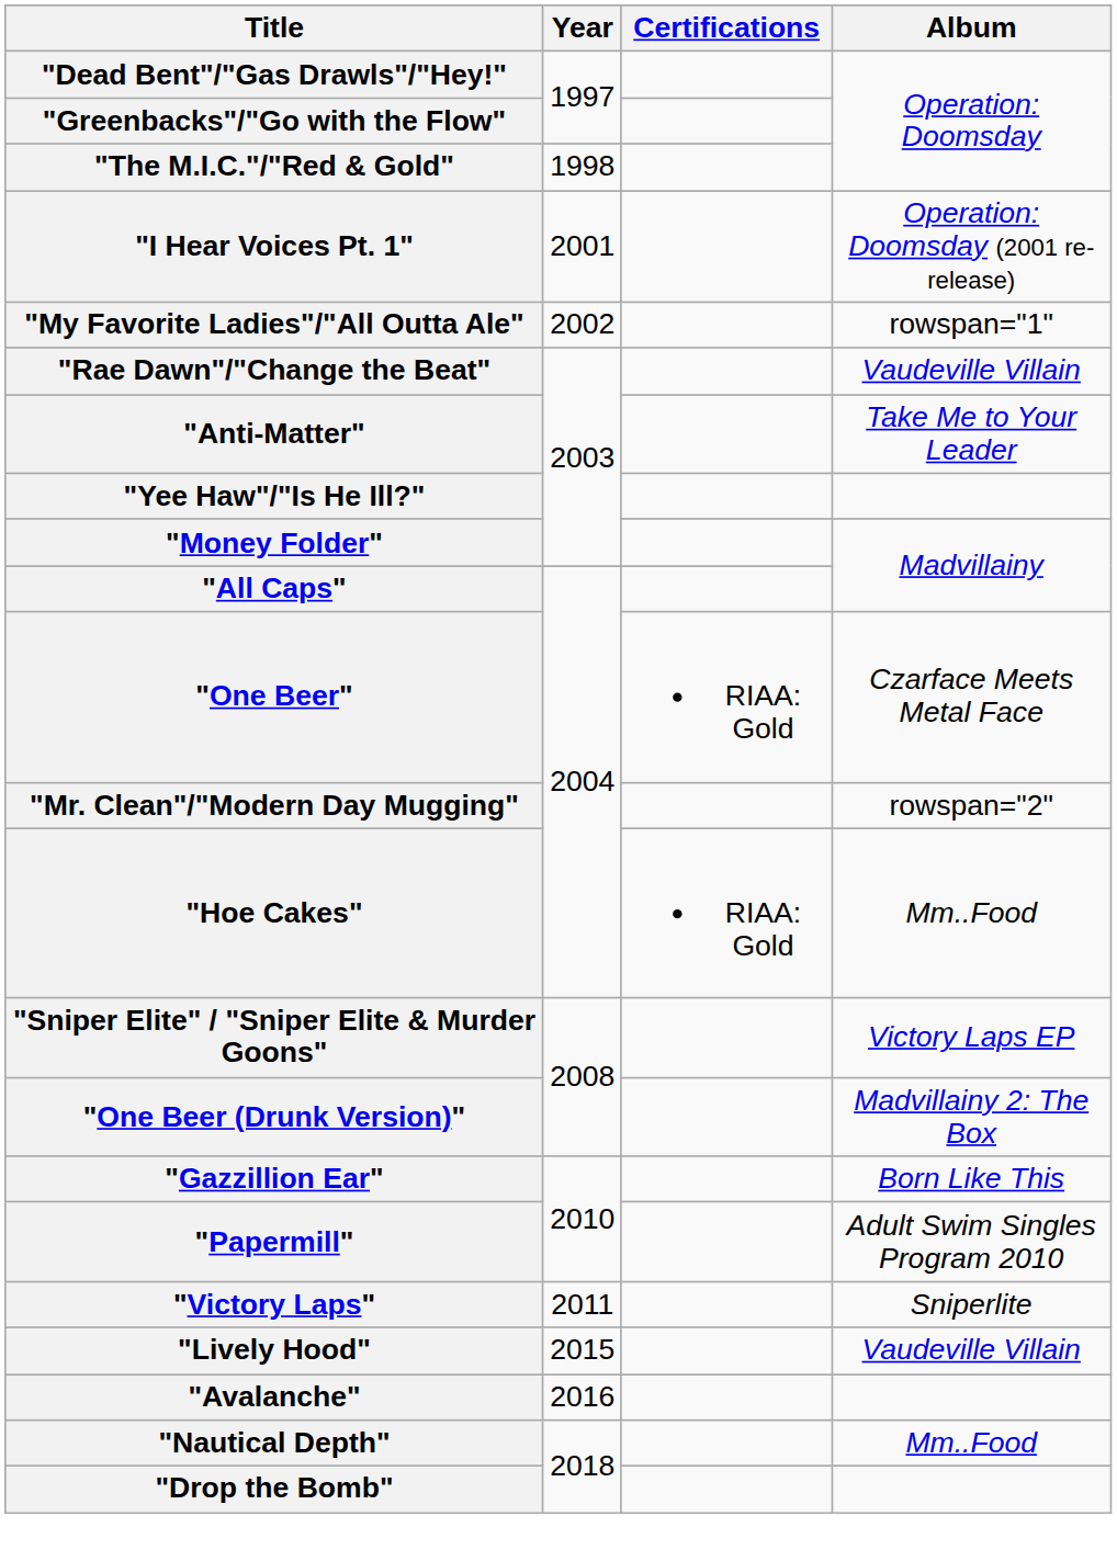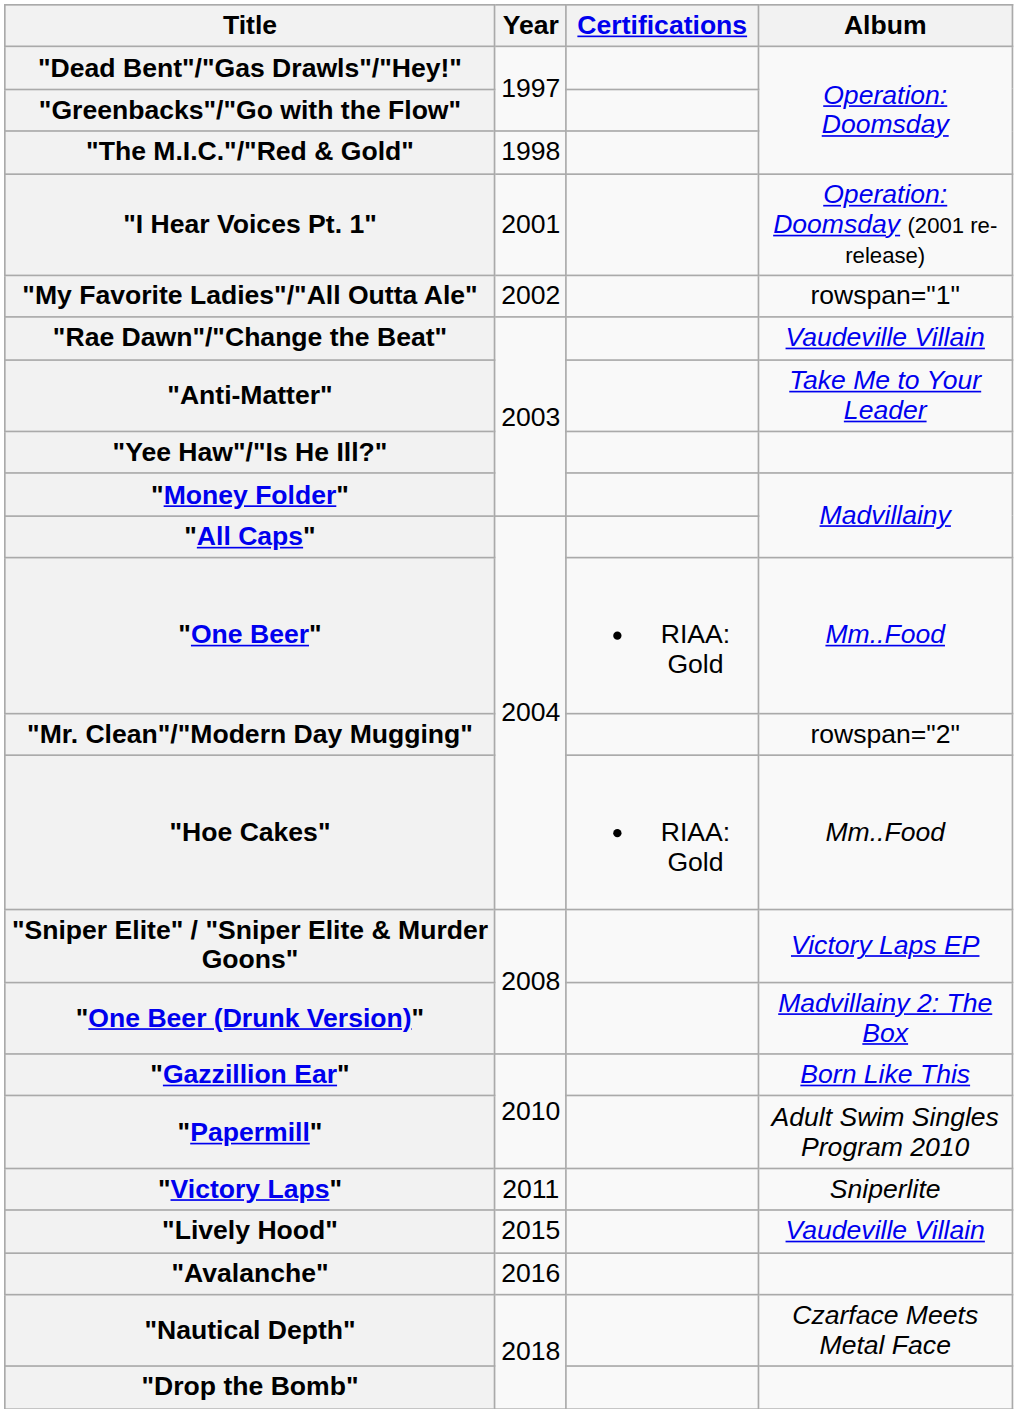 <table class="wikitable plainrowheaders" style="text-align:center;">
 <tr>
 <th scope="col" style="width:18em;">Title</th>
 <th scope="col">Year</th>
 <th><a href='#'>Certifications</a></th>
 <th scope="col">Album</th>
 </tr>
 <tr>
 <th scope="row">"Dead Bent"/"Gas Drawls"/"Hey!"</th>
 <td rowspan="2">1997</td>
 <td></td>
 <td rowspan="3"><em><a href='#'>Operation: Doomsday</a></em></td>
 </tr>
 <tr>
 <th scope="row">"Greenbacks"/"Go with the Flow"</th>
 <td></td>
 </tr>
 <tr>
 <th scope="row">"The M.I.C."/"Red & Gold"</th>
 <td>1998</td>
 <td></td>
 </tr>
 <tr>
 <th scope="row">"I Hear Voices Pt. 1"</th>
 <td>2001</td>
 <td></td>
 <td><em><a href='#'>Operation: Doomsday</a></em> <small>(2001 re-release)</small></td>
 </tr>
 <tr>
 <th scope="row">"My Favorite Ladies"/"All Outta Ale"</th>
 <td>2002</td>
 <td></td>
 <td>rowspan="1" </td>
 </tr>
 <tr>
 <th scope="row">"Rae Dawn"/"Change the Beat"<br></th>
 <td rowspan="4">2003</td>
 <td></td>
 <td><em><a href='#'>Vaudeville Villain</a></em></td>
 </tr>
 <tr>
 <th scope="row">"Anti-Matter"<br></th>
 <td></td>
 <td><em><a href='#'>Take Me to Your Leader</a></em></td>
 </tr>
 <tr>
 <th scope="row">"Yee Haw"/"Is He Ill?"</th>
 <td></td>
 <td></td>
 </tr>
 <tr>
 <th scope="row">"<a href='#'>Money Folder</a>"<br></th>
 <td></td>
 <td rowspan="2"><em><a href='#'>Madvillainy</a></em></td>
 </tr>
 <tr>
 <th scope="row">"<a href='#'>All Caps</a>"<br></th>
 <td rowspan="4">2004</td>
 <td></td>
 </tr>
 <tr>
 <th scope="row">"<a href='#'>One Beer</a>"</th>
 <td><br><ul><li>RIAA: Gold</li></ul></td>
-<td><em>Czarface Meets Metal Face</em></td>
+<td><em><a href='#'>Mm..Food</a></em></td>
 </tr>
 <tr>
 <th scope="row">"Mr. Clean"/"Modern Day Mugging"</th>
 <td></td>
 <td>rowspan="2" </td>
 </tr>
 <tr>
 <th scope="row">"Hoe Cakes"</th>
 <td><br><ul><li>RIAA: Gold</li></ul></td>
 <td><em>Mm..Food</em></td>
 </tr>
 <tr>
 <th scope="row">"Sniper Elite" / "Sniper Elite & Murder Goons" <br></th>
 <td rowspan="2">2008</td>
 <td></td>
 <td><em><a href='#'>Victory Laps EP</a></em></td>
 </tr>
 <tr>
 <th scope="row">"<a href='#'>One Beer (Drunk Version)</a>"<br></th>
 <td></td>
 <td><em><a href='#'>Madvillainy 2: The Box</a></em></td>
 </tr>
 <tr>
 <th scope="row">"<a href='#'>Gazzillion Ear</a>"</th>
 <td rowspan="2">2010</td>
 <td></td>
 <td><em><a href='#'>Born Like This</a></em></td>
 </tr>
 <tr>
 <th scope="row">"<a href='#'>Papermill</a>"<br></th>
 <td></td>
 <td><em>Adult Swim Singles Program 2010</em></td>
 </tr>
 <tr>
 <th scope="row">"<a href='#'>Victory Laps</a>"<br></th>
 <td>2011</td>
 <td></td>
 <td><em>Sniperlite</em></td>
 </tr>
 <tr>
 <th scope="row">"Lively Hood"<br></th>
 <td>2015</td>
 <td></td>
 <td><em><a href='#'>Vaudeville Villain</a></em></td>
 </tr>
 <tr>
 <th scope="row">"Avalanche"<br></th>
 <td>2016</td>
 <td></td>
 </tr>
 <tr>
 <th scope="row">"Nautical Depth" </th>
 <td rowspan="2">2018</td>
 <td></td>
-<td><em><a href='#'>Mm..Food</a></em></td>
+<td><em>Czarface Meets Metal Face</em></td>
 </tr>
 <tr>
 <th scope="row">"Drop the Bomb" <br></th>
 <td></td>
 <td></td>
 </tr>
 </table>
